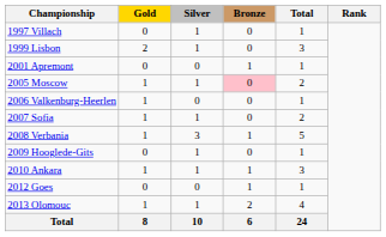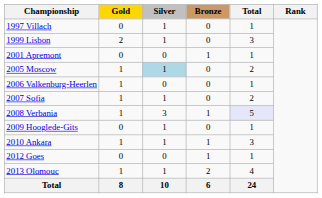 <table class="wikitable sortable" border="1" style="text-align:center; font-size:90%;">
 <tr>
 <th style="width:15:em;">Championship</th>
 <td style="background:gold; width:4.5em; font-weight:bold;">Gold</td>
 <td style="background:silver; width:4.5em; font-weight:bold;">Silver</td>
 <td style="background:#cc9966; width:4.5em; font-weight:bold;">Bronze</td>
 <th style="width:4.5em;">Total</th>
 <th style="width:4.5em;">Rank</th>
 </tr>
 <tr>
 <td align=left> <a href='#'>1997 Villach</a></td>
 <td>0</td>
 <td>1</td>
 <td>0</td>
 <td>1</td>
 </tr>
 <tr>
 <td align=left> <a href='#'>1999 Lisbon</a></td>
 <td>2</td>
 <td>1</td>
 <td>0</td>
 <td>3</td>
 </tr>
 <tr>
 <td align=left> <a href='#'>2001 Apremont</a></td>
 <td>0</td>
 <td>0</td>
 <td>1</td>
 <td>1</td>
 </tr>
 <tr>
 <td align=left> <a href='#'>2005 Moscow</a></td>
 <td>1</td>
-<td>1</td>
-<td style="background: pink;">0</td>
+<td style="background: lightblue;">1</td>
+<td>0</td>
 <td>2</td>
 </tr>
 <tr>
 <td align=left> <a href='#'>2006 Valkenburg-Heerlen</a></td>
 <td>1</td>
 <td>0</td>
 <td>0</td>
 <td>1</td>
 </tr>
 <tr>
 <td align=left> <a href='#'>2007 Sofia</a></td>
 <td>1</td>
 <td>1</td>
 <td>0</td>
 <td>2</td>
 </tr>
 <tr>
 <td align=left> <a href='#'>2008 Verbania</a></td>
 <td>1</td>
 <td>3</td>
 <td>1</td>
-<td>5</td>
+<td style="background: lavender;">5</td>
 </tr>
 <tr>
 <td align=left> <a href='#'>2009 Hooglede-Gits</a></td>
 <td>0</td>
 <td>1</td>
 <td>0</td>
 <td>1</td>
 </tr>
 <tr>
 <td align=left> <a href='#'>2010 Ankara</a></td>
 <td>1</td>
 <td>1</td>
 <td>1</td>
 <td>3</td>
 </tr>
 <tr>
 <td align=left> <a href='#'>2012 Goes</a></td>
 <td>0</td>
 <td>0</td>
 <td>1</td>
 <td>1</td>
 </tr>
 <tr>
 <td align=left> <a href='#'>2013 Olomouc</a></td>
 <td>1</td>
 <td>1</td>
 <td>2</td>
 <td>4</td>
 </tr>
 <tr>
 <th>Total</th>
 <th>8</th>
 <th>10</th>
 <th>6</th>
 <th>24</th>
 </tr>
 </table>
